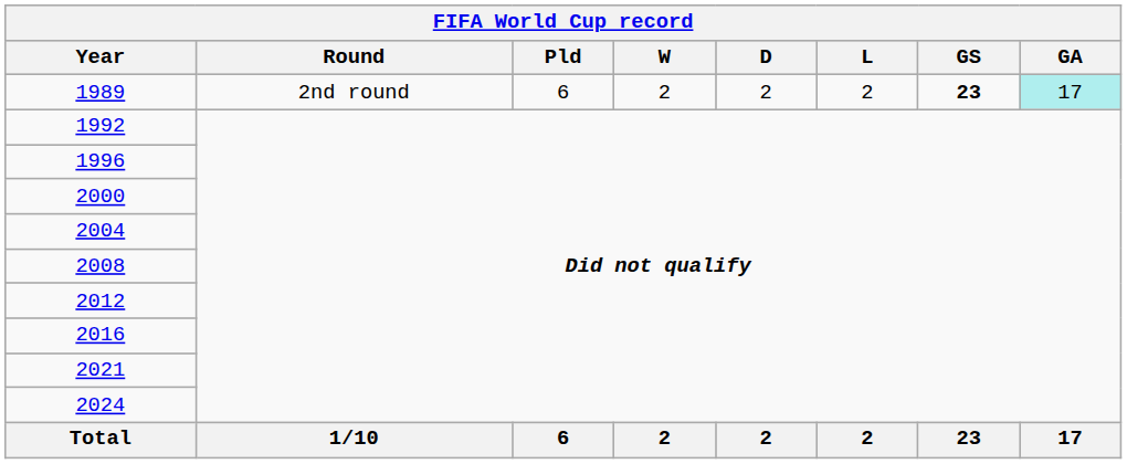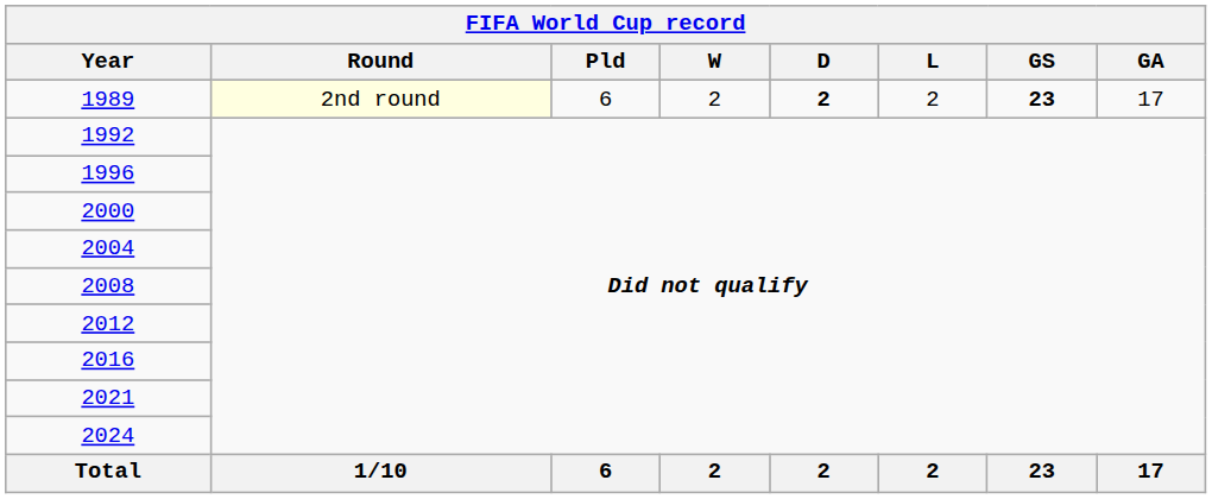 <table class="wikitable" width=50% style="text-align: center;font-size:90%;">
 <tr>
 <th colspan=8><a href='#'>FIFA World Cup record</a></th>
 </tr>
 <tr>
 <th width=15%>Year</th>
 <th width=25%>Round</th>
 <th width=8%>Pld</th>
 <th width=8%>W</th>
 <th width=8%>D</th>
 <th width=8%>L</th>
 <th width=8%>GS</th>
 <th width=8%>GA</th>
 </tr>
 <tr>
 <td> <a href='#'>1989</a></td>
-<td>2nd round</td>
+<td style="background: lightyellow;">2nd round</td>
 <td>6</td>
 <td>2</td>
-<td>2</td>
+<td><strong>2</strong></td>
 <td>2</td>
 <td><strong>23</strong></td>
-<td style="background: paleturquoise;">17</td>
+<td>17</td>
 </tr>
 <tr>
 <td> <a href='#'>1992</a></td>
 <td rowspan=9 colspan=7><strong><em>Did not qualify</em></strong></td>
 </tr>
 <tr>
 <td> <a href='#'>1996</a></td>
 </tr>
 <tr>
 <td> <a href='#'>2000</a></td>
 </tr>
 <tr>
 <td> <a href='#'>2004</a></td>
 </tr>
 <tr>
 <td> <a href='#'>2008</a></td>
 </tr>
 <tr>
 <td> <a href='#'>2012</a></td>
 </tr>
 <tr>
 <td> <a href='#'>2016</a></td>
 </tr>
 <tr>
 <td> <a href='#'>2021</a></td>
 </tr>
 <tr>
 <td> <a href='#'>2024</a></td>
 </tr>
 <tr>
 <th><strong>Total</strong></th>
 <th>1/10</th>
 <th>6</th>
 <th>2</th>
 <th>2</th>
 <th>2</th>
 <th>23</th>
 <th>17</th>
 </tr>
 </table>
